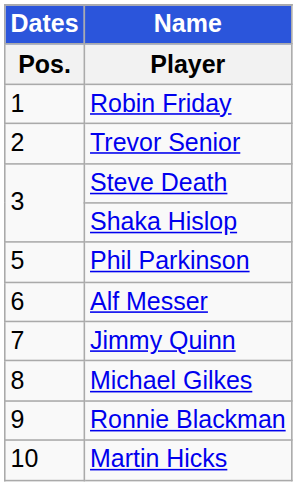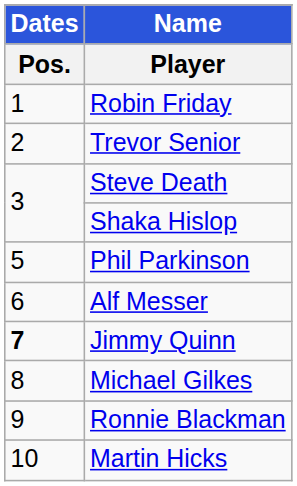 <table class="wikitable" |align=right>
 <tr>
 </tr>
 <tr>
 <th style="color:white; background:#2B55DB;">Dates</th>
 <th style="color:white; background:#2B55DB;">Name</th>
 </tr>
 <tr>
 <th>Pos.</th>
 <th>Player</th>
 </tr>
 <tr>
 <td>1</td>
 <td> <a href='#'>Robin Friday</a></td>
 </tr>
 <tr>
 <td>2</td>
 <td> <a href='#'>Trevor Senior</a></td>
 </tr>
 <tr>
 <td rowspan = 2>3</td>
 <td> <a href='#'>Steve Death</a></td>
 </tr>
 <tr>
 <td> <a href='#'>Shaka Hislop</a></td>
 </tr>
 <tr>
 <td>5</td>
 <td> <a href='#'>Phil Parkinson</a></td>
 </tr>
 <tr>
 <td>6</td>
 <td> <a href='#'>Alf Messer</a></td>
 </tr>
 <tr>
-<td>7</td>
+<td><strong>7</strong></td>
 <td> <a href='#'>Jimmy Quinn</a></td>
 </tr>
 <tr>
 <td>8</td>
 <td> <a href='#'>Michael Gilkes</a></td>
 </tr>
 <tr>
 <td>9</td>
 <td> <a href='#'>Ronnie Blackman</a></td>
 </tr>
 <tr>
 <td>10</td>
 <td> <a href='#'>Martin Hicks</a></td>
 </tr>
 </table>
